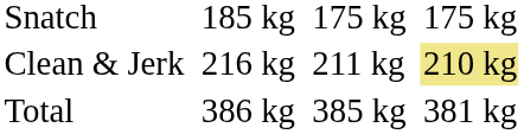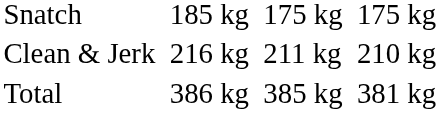 <table>
 <tr>
 <td>Snatch</td>
 <td></td>
 <td>185 kg</td>
 <td></td>
 <td>175 kg</td>
 <td></td>
 <td>175 kg</td>
 </tr>
 <tr>
 <td>Clean & Jerk</td>
 <td></td>
 <td>216 kg</td>
 <td></td>
 <td>211 kg</td>
 <td></td>
-<td style="background: khaki;">210 kg</td>
+<td>210 kg</td>
 </tr>
 <tr>
 <td>Total</td>
 <td></td>
 <td>386 kg</td>
 <td></td>
 <td>385 kg</td>
 <td></td>
 <td>381 kg</td>
 </tr>
 </table>
